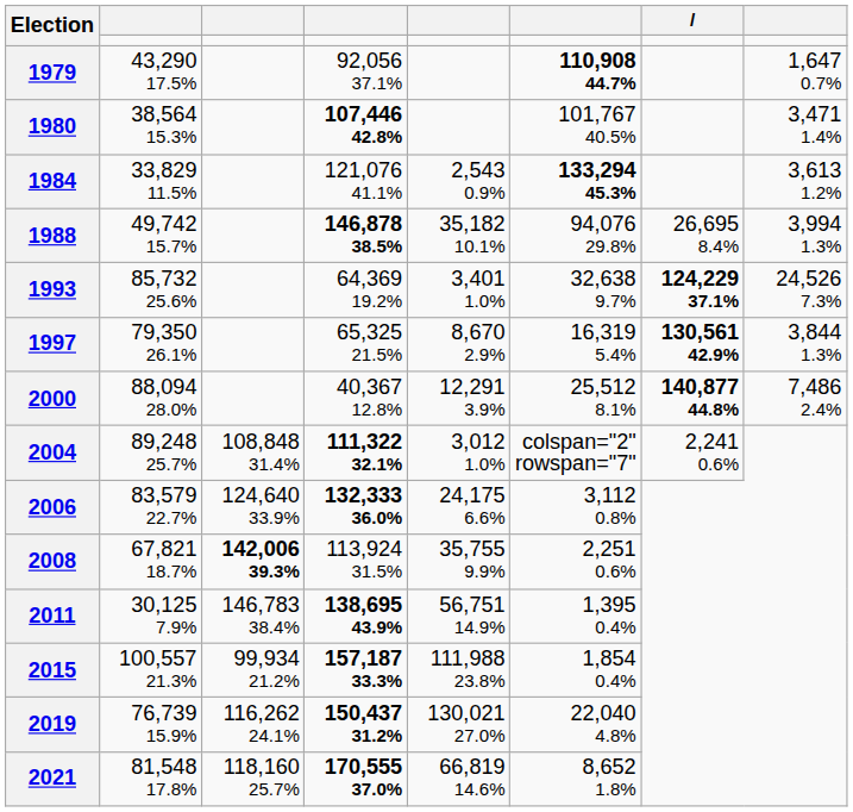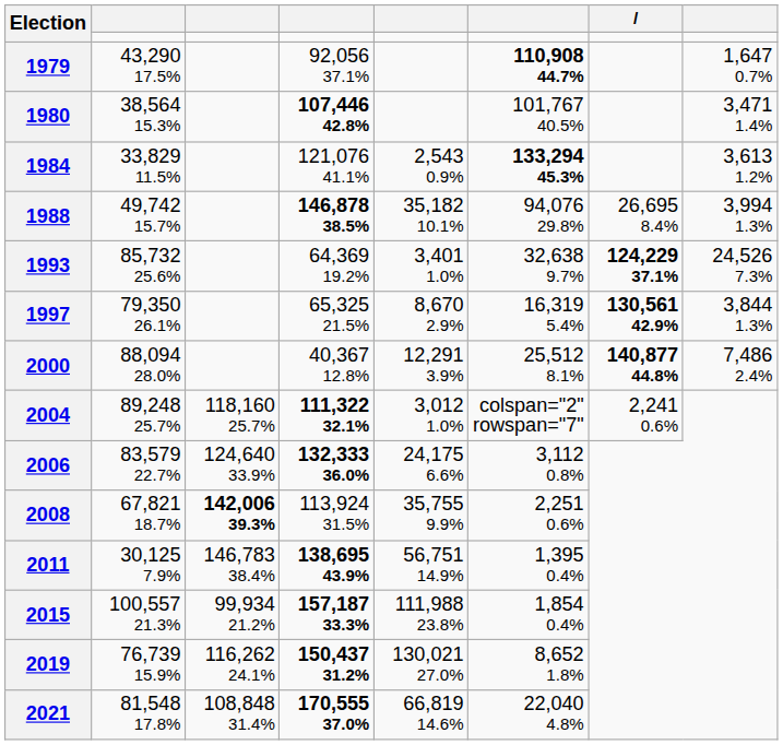 <table class="wikitable" style="text-align:right; line-height:16px">
 <tr>
 <th rowspan="2" width="20">Election</th>
 <th width="70" style="font-size:85%"></th>
 <th width="70" style="font-size:85%"></th>
 <th width="70" style="font-size:85%"></th>
 <th width="70" style="font-size:85%"></th>
 <th width="70" style="font-size:85%"></th>
 <th width="70" style="font-size:85%"> /<br></th>
 <th width="70" style="font-size:85%"></th>
 </tr>
 <tr>
 <td></td>
 <td></td>
 <td></td>
 <td></td>
 <td></td>
 <td></td>
 <td></td>
 </tr>
 <tr>
 <th scope="row"><a href='#'>1979</a></th>
 <td>43,290<br><small>17.5%</small></td>
 <td></td>
 <td>92,056<br><small>37.1%</small></td>
 <td></td>
 <td><strong>110,908<br><small>44.7%</small></strong></td>
 <td></td>
 <td>1,647<br><small>0.7%</small></td>
 </tr>
 <tr>
 <th scope="row"><a href='#'>1980</a></th>
 <td>38,564<br><small>15.3%</small></td>
 <td></td>
 <td><strong>107,446<br><small>42.8%</small></strong></td>
 <td></td>
 <td>101,767<br><small>40.5%</small></td>
 <td></td>
 <td>3,471<br><small>1.4%</small></td>
 </tr>
 <tr>
 <th scope="row"><a href='#'>1984</a></th>
 <td>33,829<br><small>11.5%</small></td>
 <td></td>
 <td>121,076<br><small>41.1%</small></td>
 <td>2,543<br><small>0.9%</small></td>
 <td><strong>133,294<br><small>45.3%</small></strong></td>
 <td></td>
 <td>3,613<br><small>1.2%</small></td>
 </tr>
 <tr>
 <th scope="row"><a href='#'>1988</a></th>
 <td>49,742<br><small>15.7%</small></td>
 <td></td>
 <td><strong>146,878<br><small>38.5%</small></strong></td>
 <td>35,182<br><small>10.1%</small></td>
 <td>94,076<br><small>29.8%</small></td>
 <td>26,695<br><small>8.4%</small></td>
 <td>3,994<br><small>1.3%</small></td>
 </tr>
 <tr>
 <th scope="row"><a href='#'>1993</a></th>
 <td>85,732<br><small>25.6%</small></td>
 <td></td>
 <td>64,369<br><small>19.2%</small></td>
 <td>3,401<br><small>1.0%</small></td>
 <td>32,638<br><small>9.7%</small></td>
 <td><strong>124,229<br><small>37.1%</small></strong></td>
 <td>24,526<br><small>7.3%</small></td>
 </tr>
 <tr>
 <th scope="row"><a href='#'>1997</a></th>
 <td>79,350<br><small>26.1%</small></td>
 <td></td>
 <td>65,325<br><small>21.5%</small></td>
 <td>8,670<br><small>2.9%</small></td>
 <td>16,319<br><small>5.4%</small></td>
 <td><strong>130,561<br><small>42.9%</small></strong></td>
 <td>3,844<br><small>1.3%</small></td>
 </tr>
 <tr>
 <th scope="row"><a href='#'>2000</a></th>
 <td>88,094<br><small>28.0%</small></td>
 <td></td>
 <td>40,367<br><small>12.8%</small></td>
 <td>12,291<br><small>3.9%</small></td>
 <td>25,512<br><small>8.1%</small></td>
 <td><strong>140,877<br><small>44.8%</small></strong></td>
 <td>7,486<br><small>2.4%</small></td>
 </tr>
 <tr>
 <th scope="row"><a href='#'>2004</a></th>
 <td>89,248<br><small>25.7%</small></td>
-<td>108,848<br><small>31.4%</small></td>
+<td>118,160<br><small>25.7%</small></td>
 <td><strong>111,322<br><small>32.1%</small></strong></td>
 <td>3,012<br><small>1.0%</small></td>
 <td>colspan="2" rowspan="7" </td>
 <td>2,241<br><small>0.6%</small></td>
 </tr>
 <tr>
 <th scope="row"><a href='#'>2006</a></th>
 <td>83,579<br><small>22.7%</small></td>
 <td>124,640<br><small>33.9%</small></td>
 <td><strong>132,333<br><small>36.0%</small></strong></td>
 <td>24,175<br><small>6.6%</small></td>
 <td>3,112<br><small>0.8%</small></td>
 </tr>
 <tr>
 <th scope="row"><a href='#'>2008</a></th>
 <td>67,821<br><small>18.7%</small></td>
 <td><strong>142,006<br><small>39.3%</small></strong></td>
 <td>113,924<br><small>31.5%</small></td>
 <td>35,755<br><small>9.9%</small></td>
 <td>2,251<br><small>0.6%</small></td>
 </tr>
 <tr>
 <th scope="row"><a href='#'>2011</a></th>
 <td>30,125<br><small>7.9%</small></td>
 <td>146,783<br><small>38.4%</small></td>
 <td><strong>138,695<br><small>43.9%</small></strong></td>
 <td>56,751<br><small>14.9%</small></td>
 <td>1,395<br><small>0.4%</small></td>
 </tr>
 <tr>
 <th scope="row"><a href='#'>2015</a></th>
 <td>100,557<br><small>21.3%</small></td>
 <td>99,934<br><small>21.2%</small></td>
 <td><strong>157,187<br><small>33.3%</small></strong></td>
 <td>111,988<br><small>23.8%</small></td>
 <td>1,854<br><small>0.4%</small></td>
 </tr>
 <tr>
 <th scope="row"><a href='#'>2019</a></th>
 <td>76,739<br><small>15.9%</small></td>
 <td>116,262<br><small>24.1%</small></td>
 <td><strong>150,437</strong><br><small><strong>31.2%</strong></small></td>
 <td>130,021<br><small>27.0%</small></td>
-<td>22,040<br><small>4.8%</small></td>
+<td>8,652<br><small>1.8%</small></td>
 </tr>
 <tr>
 <th scope="row"><a href='#'>2021</a></th>
 <td>81,548<br><small>17.8%</small></td>
-<td>118,160<br><small>25.7%</small></td>
+<td>108,848<br><small>31.4%</small></td>
 <td><strong>170,555</strong><br><small><strong>37.0%</strong></small></td>
 <td>66,819<br><small>14.6%</small></td>
-<td>8,652<br><small>1.8%</small></td>
+<td>22,040<br><small>4.8%</small></td>
 </tr>
 </table>
